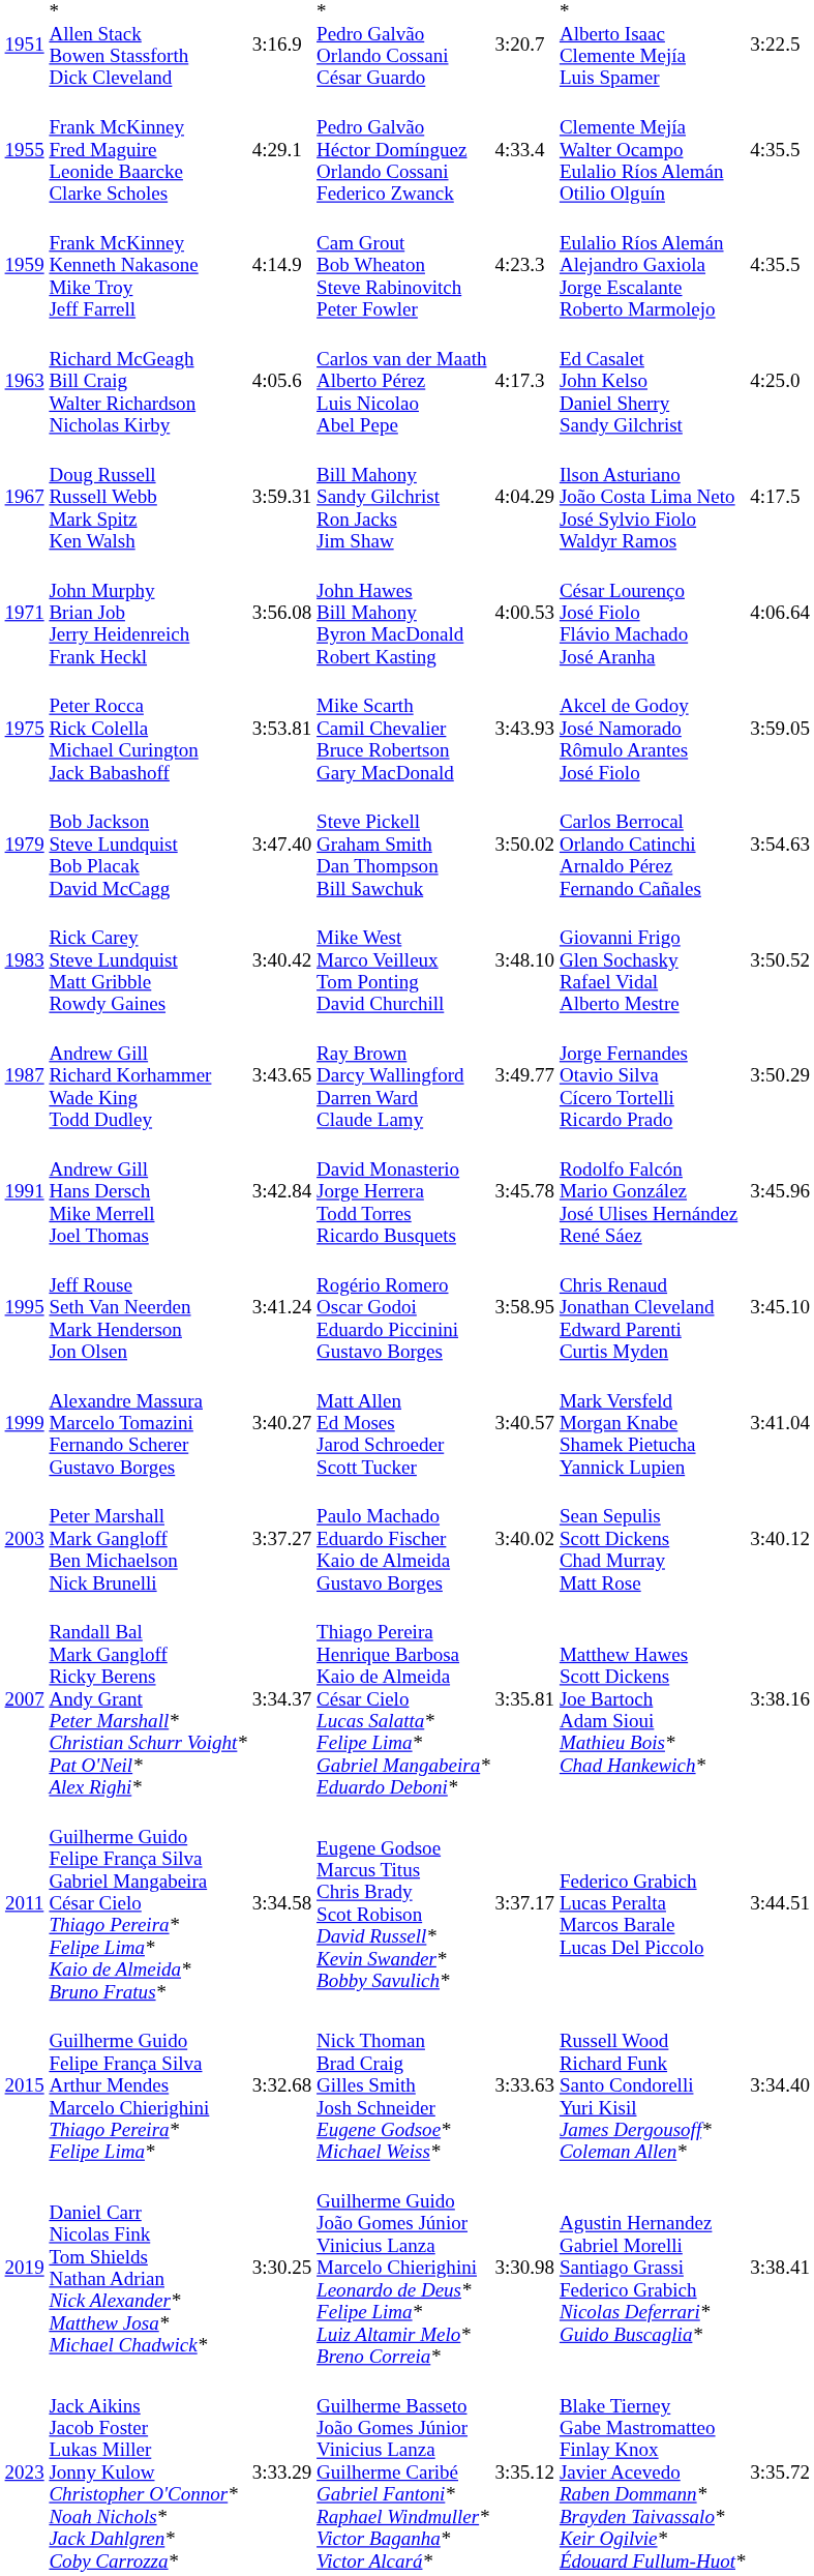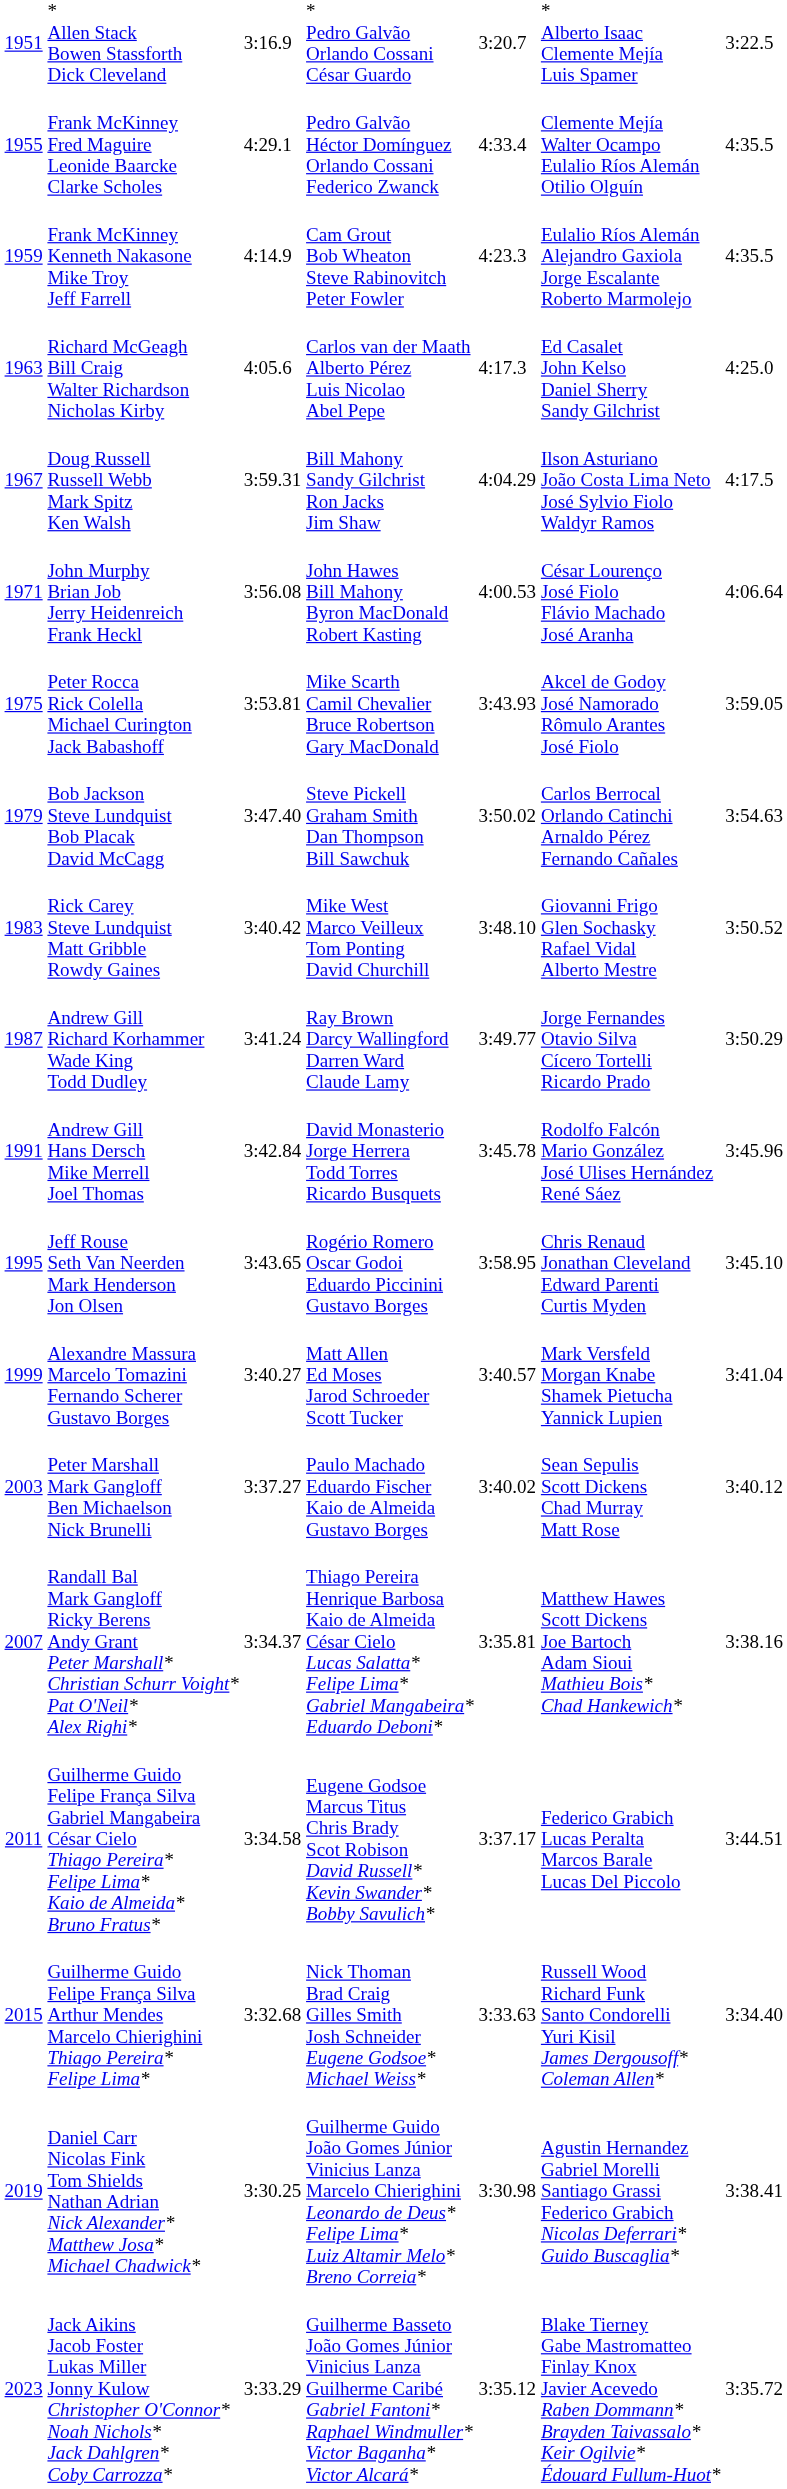 <table>
 <tr>
 <td align=center><a href='#'>1951</a></td>
 <td>*<br><a href='#'>Allen Stack</a><br><a href='#'>Bowen Stassforth</a><br><a href='#'>Dick Cleveland</a></td>
 <td>3:16.9</td>
 <td>*<br><a href='#'>Pedro Galvão</a><br><a href='#'>Orlando Cossani</a><br><a href='#'>César Guardo</a></td>
 <td>3:20.7</td>
 <td>*<br><a href='#'>Alberto Isaac</a><br><a href='#'>Clemente Mejía</a><br><a href='#'>Luis Spamer</a></td>
 <td>3:22.5</td>
 </tr>
 <tr>
 <td align=center><a href='#'>1955</a></td>
 <td><br><a href='#'>Frank McKinney</a><br><a href='#'>Fred Maguire</a><br><a href='#'>Leonide Baarcke</a><br><a href='#'>Clarke Scholes</a></td>
 <td>4:29.1</td>
 <td><br><a href='#'>Pedro Galvão</a><br><a href='#'>Héctor Domínguez</a><br><a href='#'>Orlando Cossani</a><br><a href='#'>Federico Zwanck</a></td>
 <td>4:33.4</td>
 <td><br><a href='#'>Clemente Mejía</a><br><a href='#'>Walter Ocampo</a><br><a href='#'>Eulalio Ríos Alemán</a><br><a href='#'>Otilio Olguín</a></td>
 <td>4:35.5</td>
 </tr>
 <tr>
 <td align=center><a href='#'>1959</a></td>
 <td><br><a href='#'>Frank McKinney</a><br><a href='#'>Kenneth Nakasone</a><br><a href='#'>Mike Troy</a><br><a href='#'>Jeff Farrell</a></td>
 <td>4:14.9</td>
 <td><br><a href='#'>Cam Grout</a><br><a href='#'>Bob Wheaton</a><br><a href='#'>Steve Rabinovitch</a><br><a href='#'>Peter Fowler</a></td>
 <td>4:23.3</td>
 <td><br><a href='#'>Eulalio Ríos Alemán</a><br><a href='#'>Alejandro Gaxiola</a><br><a href='#'>Jorge Escalante</a><br><a href='#'>Roberto Marmolejo</a></td>
 <td>4:35.5</td>
 </tr>
 <tr>
 <td align=center><a href='#'>1963</a></td>
 <td><br><a href='#'>Richard McGeagh</a><br><a href='#'>Bill Craig</a><br><a href='#'>Walter Richardson</a><br><a href='#'>Nicholas Kirby</a></td>
 <td>4:05.6</td>
 <td><br><a href='#'>Carlos van der Maath</a><br><a href='#'>Alberto Pérez</a><br><a href='#'>Luis Nicolao</a><br><a href='#'>Abel Pepe</a></td>
 <td>4:17.3</td>
 <td><br><a href='#'>Ed Casalet</a><br><a href='#'>John Kelso</a><br><a href='#'>Daniel Sherry</a><br><a href='#'>Sandy Gilchrist</a></td>
 <td>4:25.0</td>
 </tr>
 <tr>
 <td align=center><a href='#'>1967</a></td>
 <td><br><a href='#'>Doug Russell</a><br><a href='#'>Russell Webb</a><br><a href='#'>Mark Spitz</a><br><a href='#'>Ken Walsh</a></td>
 <td>3:59.31</td>
 <td><br><a href='#'>Bill Mahony</a><br><a href='#'>Sandy Gilchrist</a><br><a href='#'>Ron Jacks</a><br><a href='#'>Jim Shaw</a></td>
 <td>4:04.29</td>
 <td><br><a href='#'>Ilson Asturiano</a><br><a href='#'>João Costa Lima Neto</a><br><a href='#'>José Sylvio Fiolo</a><br><a href='#'>Waldyr Ramos</a></td>
 <td>4:17.5</td>
 </tr>
 <tr>
 <td align=center><a href='#'>1971</a></td>
 <td><br><a href='#'>John Murphy</a><br><a href='#'>Brian Job</a><br><a href='#'>Jerry Heidenreich</a><br><a href='#'>Frank Heckl</a></td>
 <td>3:56.08</td>
 <td><br><a href='#'>John Hawes</a><br><a href='#'>Bill Mahony</a><br><a href='#'>Byron MacDonald</a><br><a href='#'>Robert Kasting</a></td>
 <td>4:00.53</td>
 <td><br><a href='#'>César Lourenço</a><br><a href='#'>José Fiolo</a><br><a href='#'>Flávio Machado</a><br><a href='#'>José Aranha</a></td>
 <td>4:06.64</td>
 </tr>
 <tr>
 <td align=center><a href='#'>1975</a></td>
 <td><br><a href='#'>Peter Rocca</a><br><a href='#'>Rick Colella</a><br><a href='#'>Michael Curington</a><br><a href='#'>Jack Babashoff</a></td>
 <td>3:53.81</td>
 <td><br><a href='#'>Mike Scarth</a><br><a href='#'>Camil Chevalier</a><br><a href='#'>Bruce Robertson</a><br><a href='#'>Gary MacDonald</a></td>
 <td>3:43.93</td>
 <td><br><a href='#'>Akcel de Godoy</a><br><a href='#'>José Namorado</a><br><a href='#'>Rômulo Arantes</a><br><a href='#'>José Fiolo</a></td>
 <td>3:59.05</td>
 </tr>
 <tr>
 <td align=center><a href='#'>1979</a></td>
 <td><br><a href='#'>Bob Jackson</a><br><a href='#'>Steve Lundquist</a><br><a href='#'>Bob Placak</a><br><a href='#'>David McCagg</a></td>
 <td>3:47.40</td>
 <td><br><a href='#'>Steve Pickell</a><br><a href='#'>Graham Smith</a><br><a href='#'>Dan Thompson</a><br><a href='#'>Bill Sawchuk</a></td>
 <td>3:50.02</td>
 <td><br><a href='#'>Carlos Berrocal</a><br><a href='#'>Orlando Catinchi</a><br><a href='#'>Arnaldo Pérez</a><br><a href='#'>Fernando Cañales</a></td>
 <td>3:54.63</td>
 </tr>
 <tr>
 <td align=center><a href='#'>1983</a></td>
 <td><br><a href='#'>Rick Carey</a><br><a href='#'>Steve Lundquist</a><br><a href='#'>Matt Gribble</a><br><a href='#'>Rowdy Gaines</a></td>
 <td>3:40.42</td>
 <td><br><a href='#'>Mike West</a><br><a href='#'>Marco Veilleux</a><br><a href='#'>Tom Ponting</a><br><a href='#'>David Churchill</a></td>
 <td>3:48.10</td>
 <td><br><a href='#'>Giovanni Frigo</a><br><a href='#'>Glen Sochasky</a><br><a href='#'>Rafael Vidal</a><br><a href='#'>Alberto Mestre</a></td>
 <td>3:50.52</td>
 </tr>
 <tr>
 <td align=center><a href='#'>1987</a></td>
 <td><br><a href='#'>Andrew Gill</a><br><a href='#'>Richard Korhammer</a><br><a href='#'>Wade King</a><br><a href='#'>Todd Dudley</a></td>
-<td>3:43.65</td>
+<td>3:41.24</td>
 <td><br><a href='#'>Ray Brown</a><br><a href='#'>Darcy Wallingford</a><br><a href='#'>Darren Ward</a><br><a href='#'>Claude Lamy</a></td>
 <td>3:49.77</td>
 <td><br><a href='#'>Jorge Fernandes</a><br><a href='#'>Otavio Silva</a><br><a href='#'>Cícero Tortelli</a><br><a href='#'>Ricardo Prado</a></td>
 <td>3:50.29</td>
 </tr>
 <tr>
 <td align=center><a href='#'>1991</a></td>
 <td><br><a href='#'>Andrew Gill</a><br><a href='#'>Hans Dersch</a><br><a href='#'>Mike Merrell</a><br><a href='#'>Joel Thomas</a></td>
 <td>3:42.84</td>
 <td><br><a href='#'>David Monasterio</a><br><a href='#'>Jorge Herrera</a><br><a href='#'>Todd Torres</a><br><a href='#'>Ricardo Busquets</a></td>
 <td>3:45.78</td>
 <td><br><a href='#'>Rodolfo Falcón</a><br><a href='#'>Mario González</a><br><a href='#'>José Ulises Hernández</a><br><a href='#'>René Sáez</a></td>
 <td>3:45.96</td>
 </tr>
 <tr>
 <td align=center><a href='#'>1995</a></td>
 <td><br><a href='#'>Jeff Rouse</a><br><a href='#'>Seth Van Neerden</a><br><a href='#'>Mark Henderson</a><br><a href='#'>Jon Olsen</a></td>
-<td>3:41.24</td>
+<td>3:43.65</td>
 <td><br><a href='#'>Rogério Romero</a><br><a href='#'>Oscar Godoi</a><br><a href='#'>Eduardo Piccinini</a><br><a href='#'>Gustavo Borges</a></td>
 <td>3:58.95</td>
 <td><br><a href='#'>Chris Renaud</a><br><a href='#'>Jonathan Cleveland</a><br><a href='#'>Edward Parenti</a><br><a href='#'>Curtis Myden</a></td>
 <td>3:45.10</td>
 </tr>
 <tr>
 <td align=center><a href='#'>1999</a></td>
 <td><br><a href='#'>Alexandre Massura</a><br><a href='#'>Marcelo Tomazini</a><br><a href='#'>Fernando Scherer</a><br><a href='#'>Gustavo Borges</a></td>
 <td>3:40.27</td>
 <td><br><a href='#'>Matt Allen</a><br><a href='#'>Ed Moses</a><br><a href='#'>Jarod Schroeder</a><br><a href='#'>Scott Tucker</a></td>
 <td>3:40.57</td>
 <td><br><a href='#'>Mark Versfeld</a><br><a href='#'>Morgan Knabe</a><br><a href='#'>Shamek Pietucha</a><br><a href='#'>Yannick Lupien</a></td>
 <td>3:41.04</td>
 </tr>
 <tr>
 <td align=center><a href='#'>2003</a></td>
 <td><br><a href='#'>Peter Marshall</a><br><a href='#'>Mark Gangloff</a><br><a href='#'>Ben Michaelson</a><br><a href='#'>Nick Brunelli</a></td>
 <td>3:37.27</td>
 <td><br><a href='#'>Paulo Machado</a><br><a href='#'>Eduardo Fischer</a><br><a href='#'>Kaio de Almeida</a><br><a href='#'>Gustavo Borges</a></td>
 <td>3:40.02</td>
 <td><br><a href='#'>Sean Sepulis</a><br><a href='#'>Scott Dickens</a><br><a href='#'>Chad Murray</a><br><a href='#'>Matt Rose</a></td>
 <td>3:40.12</td>
 </tr>
 <tr>
 <td align=center><a href='#'>2007</a></td>
 <td><br><a href='#'>Randall Bal</a><br><a href='#'>Mark Gangloff</a><br><a href='#'>Ricky Berens</a><br><a href='#'>Andy Grant</a><br><em><a href='#'>Peter Marshall</a>*</em><br><em><a href='#'>Christian Schurr Voight</a>*</em><br><em><a href='#'>Pat O'Neil</a>*</em><br><em><a href='#'>Alex Righi</a>*</em></td>
 <td>3:34.37</td>
 <td><br><a href='#'>Thiago Pereira</a><br><a href='#'>Henrique Barbosa</a><br><a href='#'>Kaio de Almeida</a><br><a href='#'>César Cielo</a><br><em><a href='#'>Lucas Salatta</a>*</em><br><em><a href='#'>Felipe Lima</a>*</em><br><em><a href='#'>Gabriel Mangabeira</a>*</em><br><em><a href='#'>Eduardo Deboni</a>*</em></td>
 <td>3:35.81</td>
 <td><br><a href='#'>Matthew Hawes</a><br><a href='#'>Scott Dickens</a><br><a href='#'>Joe Bartoch</a><br><a href='#'>Adam Sioui</a><br><em><a href='#'>Mathieu Bois</a>*</em><br><em><a href='#'>Chad Hankewich</a>*</em></td>
 <td>3:38.16</td>
 </tr>
 <tr>
 <td align=center><a href='#'>2011</a></td>
 <td><br><a href='#'>Guilherme Guido</a><br><a href='#'>Felipe França Silva</a><br><a href='#'>Gabriel Mangabeira</a><br><a href='#'>César Cielo</a><br><em><a href='#'>Thiago Pereira</a>*</em><br><em><a href='#'>Felipe Lima</a>*</em><br><em><a href='#'>Kaio de Almeida</a>*</em><br><em><a href='#'>Bruno Fratus</a>*</em></td>
 <td>3:34.58</td>
 <td><br><a href='#'>Eugene Godsoe</a><br><a href='#'>Marcus Titus</a><br><a href='#'>Chris Brady</a><br><a href='#'>Scot Robison</a><br><em><a href='#'>David Russell</a>*</em><br><em><a href='#'>Kevin Swander</a>*</em><br><em><a href='#'>Bobby Savulich</a>*</em></td>
 <td>3:37.17</td>
 <td><br><a href='#'>Federico Grabich</a><br><a href='#'>Lucas Peralta</a><br><a href='#'>Marcos Barale</a><br><a href='#'>Lucas Del Piccolo</a></td>
 <td>3:44.51</td>
 </tr>
 <tr>
 <td align=center><a href='#'>2015</a></td>
 <td><br><a href='#'>Guilherme Guido</a><br><a href='#'>Felipe França Silva</a><br><a href='#'>Arthur Mendes</a><br><a href='#'>Marcelo Chierighini</a><br><em><a href='#'>Thiago Pereira</a>*</em><br><em><a href='#'>Felipe Lima</a>*</em></td>
 <td>3:32.68</td>
 <td><br><a href='#'>Nick Thoman</a><br><a href='#'>Brad Craig</a><br><a href='#'>Gilles Smith</a><br><a href='#'>Josh Schneider</a><br><em><a href='#'>Eugene Godsoe</a>*</em><br><em><a href='#'>Michael Weiss</a>*</em></td>
 <td>3:33.63</td>
 <td><br><a href='#'>Russell Wood</a><br><a href='#'>Richard Funk</a><br><a href='#'>Santo Condorelli</a><br><a href='#'>Yuri Kisil</a><br><em><a href='#'>James Dergousoff</a>*</em><br><em><a href='#'>Coleman Allen</a>*</em></td>
 <td>3:34.40</td>
 </tr>
 <tr>
 <td align=center><a href='#'>2019</a></td>
 <td><br><a href='#'>Daniel Carr</a><br><a href='#'>Nicolas Fink</a><br><a href='#'>Tom Shields</a><br><a href='#'>Nathan Adrian</a><br><em><a href='#'>Nick Alexander</a>*</em><br><em><a href='#'>Matthew Josa</a>*</em><br><em><a href='#'>Michael Chadwick</a>*</em></td>
 <td>3:30.25</td>
 <td><br><a href='#'>Guilherme Guido</a><br><a href='#'>João Gomes Júnior</a><br><a href='#'>Vinicius Lanza</a><br><a href='#'>Marcelo Chierighini</a><br><em><a href='#'>Leonardo de Deus</a>*</em><br><em><a href='#'>Felipe Lima</a>*</em><br><em><a href='#'>Luiz Altamir Melo</a>*</em><br><em><a href='#'>Breno Correia</a>*</em></td>
 <td>3:30.98</td>
 <td><br><a href='#'>Agustin Hernandez</a><br><a href='#'>Gabriel Morelli</a><br><a href='#'>Santiago Grassi</a><br><a href='#'>Federico Grabich</a><br><em><a href='#'>Nicolas Deferrari</a>*</em><br><em><a href='#'>Guido Buscaglia</a>*</em></td>
 <td>3:38.41</td>
 </tr>
 <tr>
 <td align=center><a href='#'>2023</a></td>
 <td><br><a href='#'>Jack Aikins</a><br><a href='#'>Jacob Foster</a><br><a href='#'>Lukas Miller</a><br><a href='#'>Jonny Kulow</a><br><em><a href='#'>Christopher O'Connor</a>*</em><br><em><a href='#'>Noah Nichols</a>*</em><br><em><a href='#'>Jack Dahlgren</a>*</em><br><em><a href='#'>Coby Carrozza</a>*</em></td>
 <td>3:33.29</td>
 <td><br><a href='#'>Guilherme Basseto</a><br><a href='#'>João Gomes Júnior</a><br><a href='#'>Vinicius Lanza</a><br><a href='#'>Guilherme Caribé</a><br><em><a href='#'>Gabriel Fantoni</a>*</em><br><em><a href='#'>Raphael Windmuller</a>*</em><br><em><a href='#'>Victor Baganha</a>*</em><br><em><a href='#'>Victor Alcará</a>*</em></td>
 <td>3:35.12</td>
 <td><br><a href='#'>Blake Tierney</a><br><a href='#'>Gabe Mastromatteo</a><br><a href='#'>Finlay Knox</a><br><a href='#'>Javier Acevedo</a><br><em><a href='#'>Raben Dommann</a>*</em><br><em><a href='#'>Brayden Taivassalo</a>*</em><br><em><a href='#'>Keir Ogilvie</a>*</em><br><em><a href='#'>Édouard Fullum-Huot</a>*</em></td>
 <td>3:35.72</td>
 </tr>
 </table>
